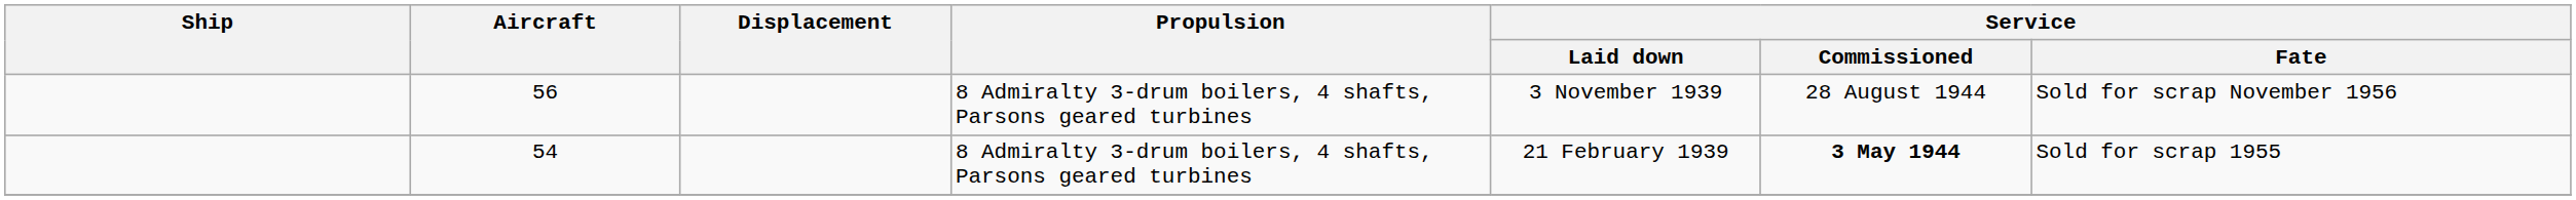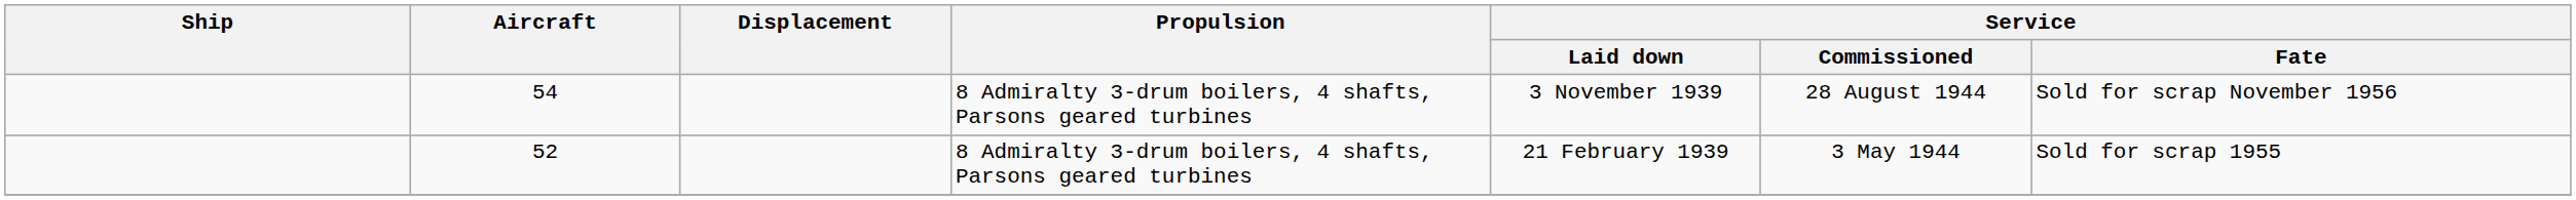 <table class="wikitable" style="width:98%;">
 <tr valign="top"|- valign="top">
 <th style="width:15%; text-align:center;" rowspan="2">Ship</th>
 <th style="width:10%; text-align:center;" rowspan="2">Aircraft</th>
 <th style="width:10%; text-align:center;" rowspan="2">Displacement</th>
 <th style="width:20%; text-align:center;" rowspan="2">Propulsion</th>
 <th style="width:40%; text-align:center;" colspan="3">Service</th>
 </tr>
 <tr valign="top">
 <th style="width:10%; text-align:center;">Laid down</th>
 <th style="width:10%; text-align:center;">Commissioned</th>
 <th style="width:20%; text-align:center;">Fate</th>
 </tr>
 <tr valign="top">
 <td align= left></td>
-<td style="text-align:center;">56</td>
+<td style="text-align:center;">54</td>
 <td style="text-align:center;"></td>
 <td align= left>8 Admiralty 3-drum boilers, 4 shafts, Parsons geared turbines</td>
 <td style="text-align:center;">3 November 1939</td>
 <td style="text-align:center;">28 August 1944</td>
 <td align= left>Sold for scrap November 1956</td>
 </tr>
 <tr valign="top">
 <td align= left></td>
-<td style="text-align:center;">54</td>
+<td style="text-align:center;">52</td>
 <td style="text-align:center;"></td>
 <td align= left>8 Admiralty 3-drum boilers, 4 shafts, Parsons geared turbines</td>
 <td style="text-align:center;">21 February 1939</td>
-<td style="text-align:center;"><strong>3 May 1944</strong></td>
+<td style="text-align:center;">3 May 1944</td>
 <td align= left>Sold for scrap 1955</td>
 </tr>
 <tr valign="top">
 </tr>
 </table>
